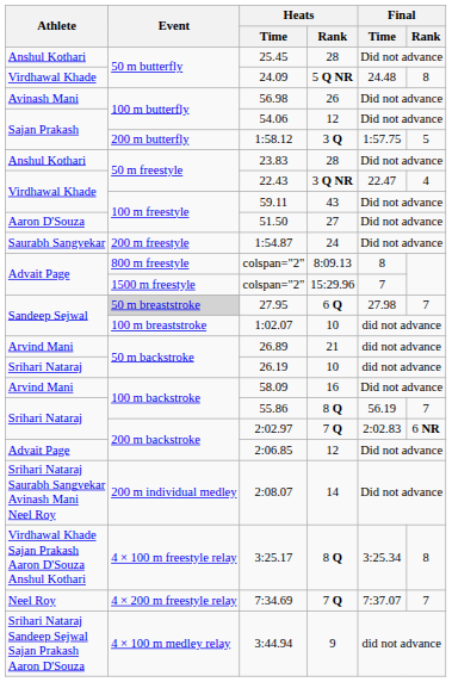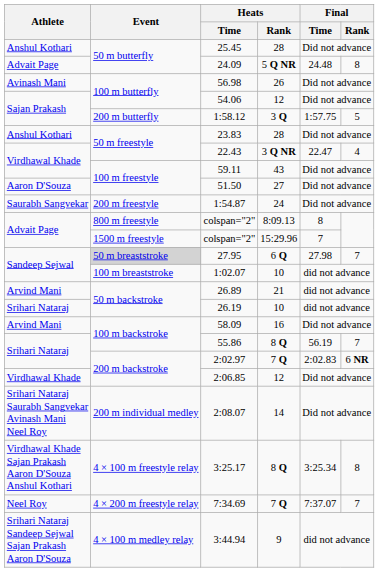 <table class=wikitable style="text-align:center; font-size:90%">
 <tr>
 <th rowspan="2">Athlete</th>
 <th rowspan="2">Event</th>
 <th colspan="2">Heats</th>
 <th colspan="2">Final</th>
 </tr>
 <tr>
 <th>Time</th>
 <th>Rank</th>
 <th>Time</th>
 <th>Rank</th>
 </tr>
 <tr>
 <td align=left><a href='#'>Anshul Kothari</a></td>
 <td align=left rowspan="2"><a href='#'>50 m butterfly</a></td>
 <td>25.45</td>
 <td>28</td>
 <td colspan="2">Did not advance</td>
 </tr>
 <tr>
-<td align=left><a href='#'>Virdhawal Khade</a></td>
+<td align=left><a href='#'>Advait Page</a></td>
 <td>24.09</td>
 <td>5 <strong>Q NR</strong></td>
 <td>24.48</td>
 <td>8</td>
 </tr>
 <tr>
 <td align=left><a href='#'>Avinash Mani</a></td>
 <td align=left rowspan="2"><a href='#'>100 m butterfly</a></td>
 <td>56.98</td>
 <td>26</td>
 <td colspan="2">Did not advance</td>
 </tr>
 <tr>
 <td align=left rowspan=2><a href='#'>Sajan Prakash</a></td>
 <td>54.06</td>
 <td>12</td>
 <td colspan="2">Did not advance</td>
 </tr>
 <tr>
 <td align=left><a href='#'>200 m butterfly</a></td>
 <td>1:58.12</td>
 <td>3 <strong>Q</strong></td>
 <td>1:57.75</td>
 <td>5</td>
 </tr>
 <tr>
 <td align=left><a href='#'>Anshul Kothari</a></td>
 <td align=left rowspan="2"><a href='#'>50 m freestyle</a></td>
 <td>23.83</td>
 <td>28</td>
 <td colspan="2">Did not advance</td>
 </tr>
 <tr>
 <td align=left rowspan=2><a href='#'>Virdhawal Khade</a></td>
 <td>22.43</td>
 <td>3 <strong>Q</strong> <strong>NR</strong></td>
 <td>22.47</td>
 <td>4</td>
 </tr>
 <tr>
 <td align=left rowspan="2"><a href='#'>100 m freestyle</a></td>
 <td>59.11</td>
 <td>43</td>
 <td colspan="2">Did not advance</td>
 </tr>
 <tr>
 <td align=left><a href='#'>Aaron D'Souza</a></td>
 <td>51.50</td>
 <td>27</td>
 <td colspan="2">Did not advance</td>
 </tr>
 <tr>
 <td align=left><a href='#'>Saurabh Sangvekar</a></td>
 <td align=left><a href='#'>200 m freestyle</a></td>
 <td>1:54.87</td>
 <td>24</td>
 <td colspan="2">Did not advance</td>
 </tr>
 <tr>
 <td align=left rowspan="2"><a href='#'>Advait Page</a></td>
 <td align=left><a href='#'>800 m freestyle</a></td>
 <td>colspan="2" </td>
 <td>8:09.13</td>
 <td>8</td>
 </tr>
 <tr>
 <td align=left><a href='#'>1500 m freestyle</a></td>
 <td>colspan="2" </td>
 <td>15:29.96</td>
 <td>7</td>
 </tr>
 <tr>
 <td align=left rowspan="2"><a href='#'>Sandeep Sejwal</a></td>
 <td align=left style="background: lightgrey;"><a href='#'>50 m breaststroke</a></td>
 <td>27.95</td>
 <td>6 <strong>Q</strong></td>
 <td>27.98</td>
 <td>7</td>
 </tr>
 <tr>
 <td align=left><a href='#'>100 m breaststroke</a></td>
 <td>1:02.07</td>
 <td>10</td>
 <td colspan="2">did not advance</td>
 </tr>
 <tr>
 <td align=left><a href='#'>Arvind Mani</a></td>
 <td align=left rowspan="2"><a href='#'>50 m backstroke</a></td>
 <td>26.89</td>
 <td>21</td>
 <td colspan="2">did not advance</td>
 </tr>
 <tr>
 <td align=left><a href='#'>Srihari Nataraj</a></td>
 <td>26.19</td>
 <td>10</td>
 <td colspan="2">did not advance</td>
 </tr>
 <tr>
 <td align=left><a href='#'>Arvind Mani</a></td>
 <td align=left rowspan="2"><a href='#'>100 m backstroke</a></td>
 <td>58.09</td>
 <td>16</td>
 <td colspan="2">Did not advance</td>
 </tr>
 <tr>
 <td align=left rowspan=2><a href='#'>Srihari Nataraj</a></td>
 <td>55.86</td>
 <td>8 <strong>Q</strong></td>
 <td>56.19</td>
 <td>7</td>
 </tr>
 <tr>
 <td align=left rowspan="2"><a href='#'>200 m backstroke</a></td>
 <td>2:02.97</td>
 <td>7 <strong>Q</strong></td>
 <td>2:02.83</td>
 <td>6 <strong>NR</strong></td>
 </tr>
 <tr>
-<td align=left><a href='#'>Advait Page</a></td>
+<td align=left><a href='#'>Virdhawal Khade</a></td>
 <td>2:06.85</td>
 <td>12</td>
 <td colspan="2">Did not advance</td>
 </tr>
 <tr>
 <td align=left><a href='#'>Srihari Nataraj</a><br><a href='#'>Saurabh Sangvekar</a><br><a href='#'>Avinash Mani</a><br><a href='#'>Neel Roy</a></td>
 <td align=left><a href='#'>200 m individual medley</a></td>
 <td>2:08.07</td>
 <td>14</td>
 <td colspan="2">Did not advance</td>
 </tr>
 <tr>
 <td align=left><a href='#'>Virdhawal Khade</a><br><a href='#'>Sajan Prakash</a><br><a href='#'>Aaron D'Souza</a><br><a href='#'>Anshul Kothari</a></td>
 <td align=left><a href='#'>4 × 100 m freestyle relay</a></td>
 <td>3:25.17</td>
 <td>8 <strong>Q</strong></td>
 <td>3:25.34</td>
 <td>8</td>
 </tr>
 <tr>
 <td align=left><a href='#'>Neel Roy</a></td>
 <td align=left><a href='#'>4 × 200 m freestyle relay</a></td>
 <td>7:34.69</td>
 <td>7 <strong>Q</strong></td>
 <td>7:37.07</td>
 <td>7</td>
 </tr>
 <tr>
 <td align=left><a href='#'>Srihari Nataraj</a><br><a href='#'>Sandeep Sejwal</a><br><a href='#'>Sajan Prakash</a><br><a href='#'>Aaron D'Souza</a></td>
 <td align=left><a href='#'>4 × 100 m medley relay</a></td>
 <td>3:44.94</td>
 <td>9</td>
 <td colspan=2>did not advance</td>
 </tr>
 </table>
